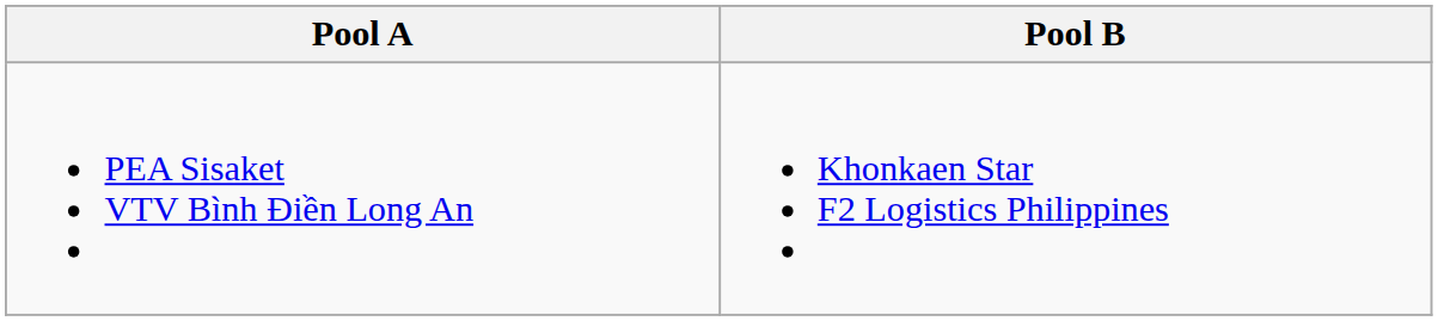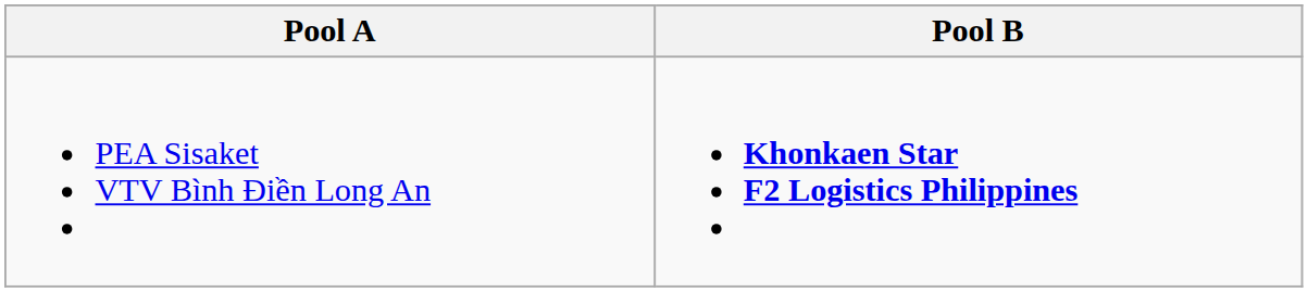 <table class="wikitable" width=50%>
 <tr>
 <th width=25%>Pool A</th>
 <th width=25%>Pool B</th>
 </tr>
 <tr>
 <td><br><ul><li><a href='#'>PEA Sisaket</a></li><li> <a href='#'>VTV Bình Điền Long An</a></li><li></li></ul></td>
-<td><br><ul><li><a href='#'>Khonkaen Star</a></li><li> <a href='#'>F2 Logistics Philippines</a></li><li></li></ul></td>
+<td><strong><br><ul><li><a href='#'>Khonkaen Star</a></li><li> <a href='#'>F2 Logistics Philippines</a></li><li></li></ul></strong></td>
 </tr>
 </table>
